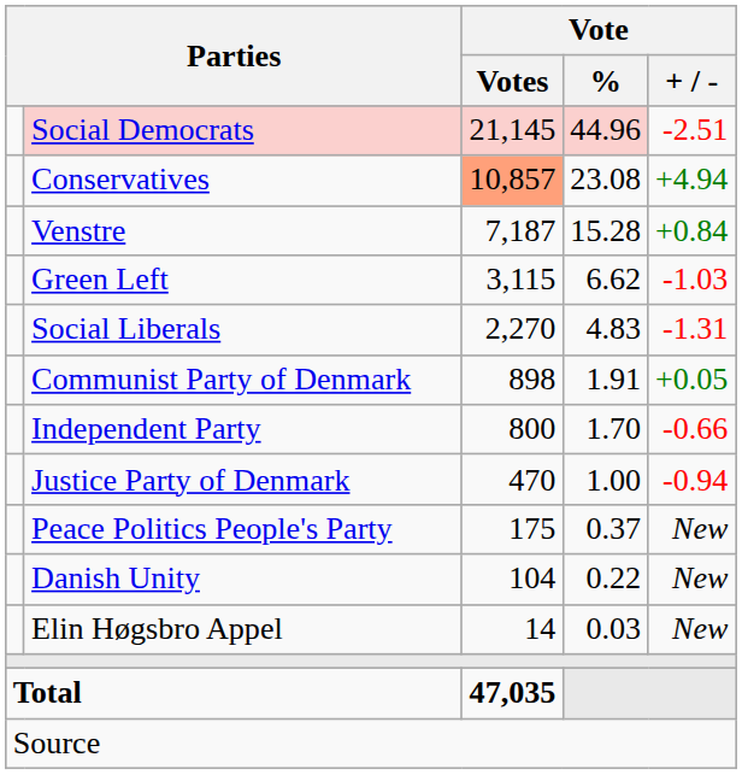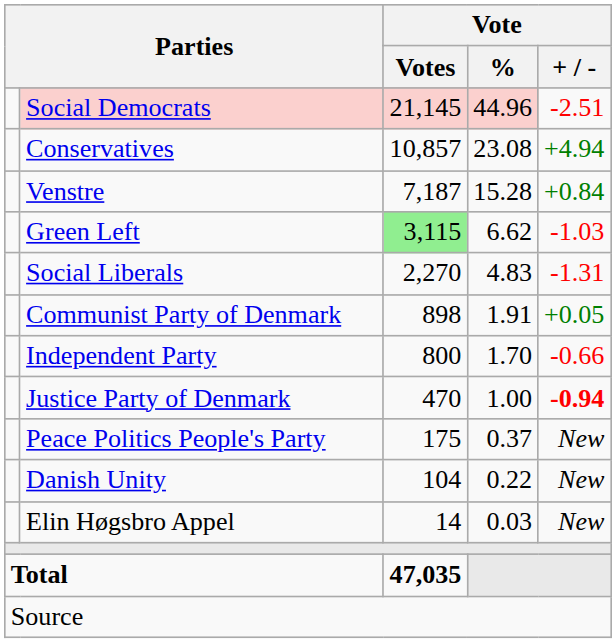 <table class="wikitable" style="text-align:right;">
 <tr>
 <th style="text-align:centre;" rowspan="2" colspan="2" width="225">Parties</th>
 <th colspan="3">Vote</th>
 </tr>
 <tr>
 <th width="15">Votes</th>
 <th width="15">%</th>
 <th width="15">+ / -</th>
 </tr>
 <tr>
 <td width="2" style="color:inherit;background:"></td>
 <td bgcolor=#fbd0ce  align="left"><a href='#'>Social Democrats</a></td>
 <td bgcolor=#fbd0ce>21,145</td>
 <td bgcolor=#fbd0ce>44.96</td>
 <td style=color:red;>-2.51</td>
 </tr>
 <tr>
 <td width="2" style="color:inherit;background:"></td>
 <td align="left"><a href='#'>Conservatives</a></td>
-<td style="background: lightsalmon;">10,857</td>
+<td>10,857</td>
 <td>23.08</td>
 <td style=color:green;>+4.94</td>
 </tr>
 <tr>
 <td width="2" style="color:inherit;background:"></td>
 <td align="left"><a href='#'>Venstre</a></td>
 <td>7,187</td>
 <td>15.28</td>
 <td style=color:green;>+0.84</td>
 </tr>
 <tr>
 <td width="2" style="color:inherit;background:"></td>
 <td align="left"><a href='#'>Green Left</a></td>
-<td>3,115</td>
+<td style="background: lightgreen;">3,115</td>
 <td>6.62</td>
 <td style=color:red;>-1.03</td>
 </tr>
 <tr>
 <td width="2" style="color:inherit;background:"></td>
 <td align="left"><a href='#'>Social Liberals</a></td>
 <td>2,270</td>
 <td>4.83</td>
 <td style=color:red;>-1.31</td>
 </tr>
 <tr>
 <td width="2" style="color:inherit;background:"></td>
 <td align="left"><a href='#'>Communist Party of Denmark</a></td>
 <td>898</td>
 <td>1.91</td>
 <td style=color:green;>+0.05</td>
 </tr>
 <tr>
 <td width="2" style="color:inherit;background:"></td>
 <td align="left"><a href='#'>Independent Party</a></td>
 <td>800</td>
 <td>1.70</td>
 <td style=color:red;>-0.66</td>
 </tr>
 <tr>
 <td width="2" style="color:inherit;background:"></td>
 <td align="left"><a href='#'>Justice Party of Denmark</a></td>
 <td>470</td>
 <td>1.00</td>
-<td style=color:red;>-0.94</td>
+<td style=color:red;><strong>-0.94</strong></td>
 </tr>
 <tr>
 <td width="2" style="color:inherit;background:"></td>
 <td align="left"><a href='#'>Peace Politics People's Party</a></td>
 <td>175</td>
 <td>0.37</td>
 <td><em>New</em></td>
 </tr>
 <tr>
 <td width="2" style="color:inherit;background:"></td>
 <td align="left"><a href='#'>Danish Unity</a></td>
 <td>104</td>
 <td>0.22</td>
 <td><em>New</em></td>
 </tr>
 <tr>
 <td width="2" style="color:inherit;background:"></td>
 <td align="left">Elin Høgsbro Appel</td>
 <td>14</td>
 <td>0.03</td>
 <td><em>New</em></td>
 </tr>
 <tr>
 <td colspan="7" bgcolor="#E9E9E9"></td>
 </tr>
 <tr>
 <td align="left" colspan="2"><strong>Total</strong></td>
 <td><strong>47,035</strong></td>
 <td bgcolor="#E9E9E9" colspan="2"></td>
 </tr>
 <tr>
 <td align="left" colspan="6">Source</td>
 </tr>
 </table>
